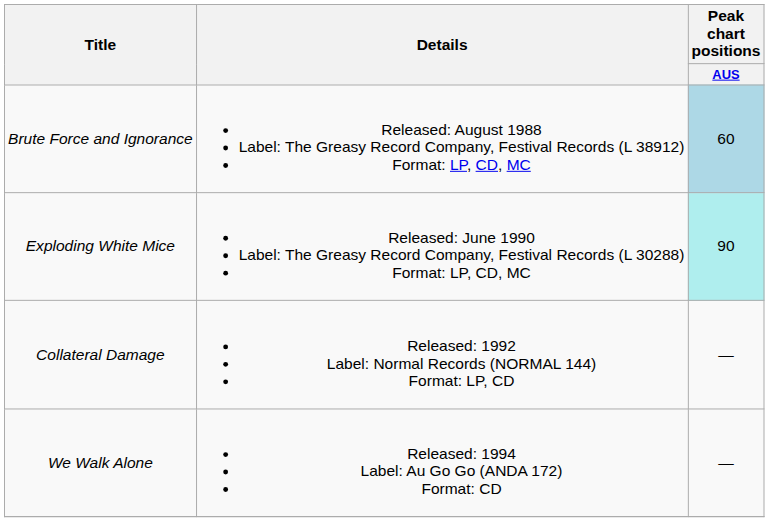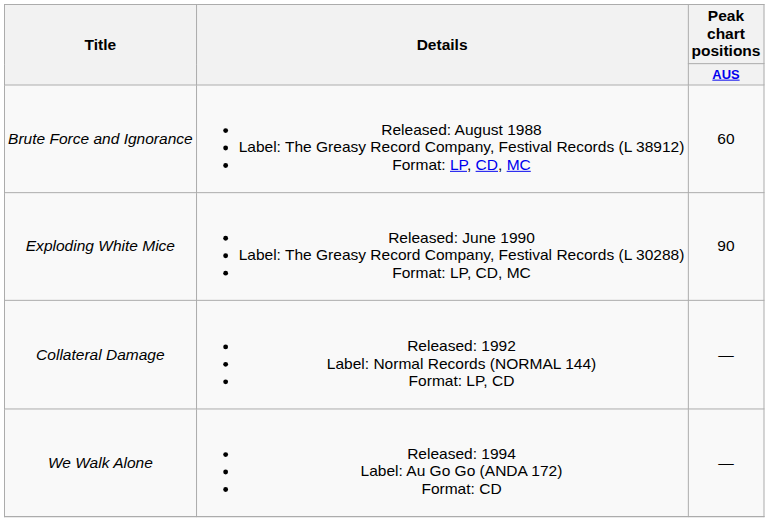 <table class="wikitable" style="text-align:center;">
 <tr>
 <th rowspan="2">Title</th>
 <th rowspan="2">Details</th>
 <th colspan="1">Peak chart positions</th>
 </tr>
 <tr style="font-size:smaller;">
 <th style="width:35px;"><a href='#'>AUS</a><br></th>
 </tr>
 <tr>
 <td><em>Brute Force and Ignorance</em></td>
 <td><br><ul><li>Released: August 1988</li><li>Label: The Greasy Record Company, Festival Records (L 38912)</li><li>Format: <a href='#'>LP</a>, <a href='#'>CD</a>, <a href='#'>MC</a></li></ul></td>
-<td style="background: lightblue;">60</td>
+<td>60</td>
 </tr>
 <tr>
 <td><em>Exploding White Mice</em></td>
 <td><br><ul><li>Released: June 1990</li><li>Label: The Greasy Record Company, Festival Records (L 30288)</li><li>Format: LP, CD, MC</li></ul></td>
-<td style="background: paleturquoise;">90</td>
+<td>90</td>
 </tr>
 <tr>
 <td><em>Collateral Damage</em></td>
 <td><br><ul><li>Released: 1992</li><li>Label: Normal Records (NORMAL 144)</li><li>Format: LP, CD</li></ul></td>
 <td>—</td>
 </tr>
 <tr>
 <td><em>We Walk Alone</em></td>
 <td><br><ul><li>Released: 1994</li><li>Label: Au Go Go (ANDA 172)</li><li>Format: CD</li></ul></td>
 <td>—</td>
 </tr>
 <tr>
 </tr>
 </table>
